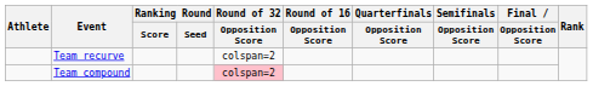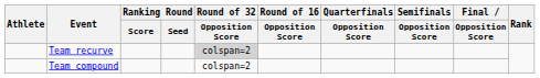 <table class="wikitable" style="font-size:90%">
 <tr>
 <th rowspan="2">Athlete</th>
 <th rowspan="2">Event</th>
 <th colspan="2">Ranking Round</th>
 <th>Round of 32</th>
 <th>Round of 16</th>
 <th>Quarterfinals</th>
 <th>Semifinals</th>
 <th>Final / </th>
 <th rowspan="2">Rank</th>
 </tr>
 <tr style="font-size:95%">
 <th>Score</th>
 <th>Seed</th>
 <th>Opposition<br>Score</th>
 <th>Opposition<br>Score</th>
 <th>Opposition<br>Score</th>
 <th>Opposition<br>Score</th>
 <th>Opposition<br>Score</th>
 </tr>
 <tr align=center>
 <td align=left></td>
 <td align=left><a href='#'>Team recurve</a></td>
 <td></td>
 <td></td>
-<td>colspan=2 </td>
+<td style="background: lightgrey;">colspan=2 </td>
 <td></td>
 <td></td>
 <td></td>
 <td></td>
 </tr>
 <tr align=center>
 <td align=left></td>
 <td align=left><a href='#'>Team compound</a></td>
 <td></td>
 <td></td>
-<td style="background: pink;">colspan=2 </td>
+<td>colspan=2 </td>
 <td></td>
 <td></td>
 <td></td>
 <td></td>
 </tr>
 </table>
